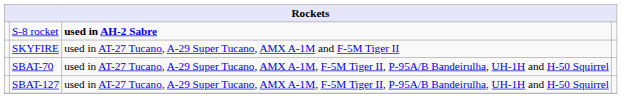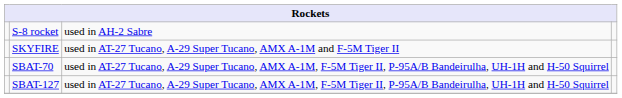 <table class="wikitable">
 <tr>
 <th style="align: center; background: lavender;" colspan="8"><strong>Rockets</strong></th>
 </tr>
 <tr>
 <td></td>
 <td><a href='#'>S-8 rocket</a></td>
-<td><strong>used in <a href='#'>AH-2 Sabre</a></strong></td>
+<td>used in <a href='#'>AH-2 Sabre</a></td>
 <td></td>
 </tr>
 <tr>
 <td></td>
 <td><a href='#'>SKYFIRE</a></td>
 <td>used in <a href='#'>AT-27 Tucano</a>, <a href='#'>A-29 Super Tucano</a>, <a href='#'>AMX A-1M</a> and <a href='#'>F-5M Tiger II</a></td>
 <td></td>
 </tr>
 <tr>
 <td></td>
 <td><a href='#'>SBAT-70</a></td>
 <td>used in <a href='#'>AT-27 Tucano</a>, <a href='#'>A-29 Super Tucano</a>, <a href='#'>AMX A-1M</a>, <a href='#'>F-5M Tiger II</a>, <a href='#'>P-95A/B Bandeirulha</a>, <a href='#'>UH-1H</a> and <a href='#'>H-50 Squirrel</a></td>
 <td></td>
 </tr>
 <tr>
 <td></td>
 <td><a href='#'>SBAT-127</a></td>
 <td>used in <a href='#'>AT-27 Tucano</a>, <a href='#'>A-29 Super Tucano</a>, <a href='#'>AMX A-1M</a>, <a href='#'>F-5M Tiger II</a>, <a href='#'>P-95A/B Bandeirulha</a>, <a href='#'>UH-1H</a> and <a href='#'>H-50 Squirrel</a></td>
 <td></td>
 </tr>
 <tr>
 </tr>
 </table>
